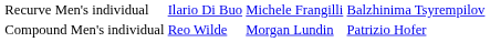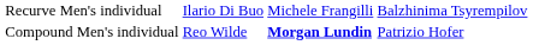 <table>
 <tr>
 <td>Recurve Men's individual<br></td>
 <td> <a href='#'>Ilario Di Buo</a></td>
 <td> <a href='#'>Michele Frangilli</a></td>
 <td> <a href='#'>Balzhinima Tsyrempilov</a></td>
 </tr>
 <tr>
 <td>Compound Men's individual<br></td>
 <td> <a href='#'>Reo Wilde</a></td>
-<td> <a href='#'>Morgan Lundin</a></td>
+<td><strong> <a href='#'>Morgan Lundin</a></strong></td>
 <td> <a href='#'>Patrizio Hofer</a></td>
 </tr>
 </table>
